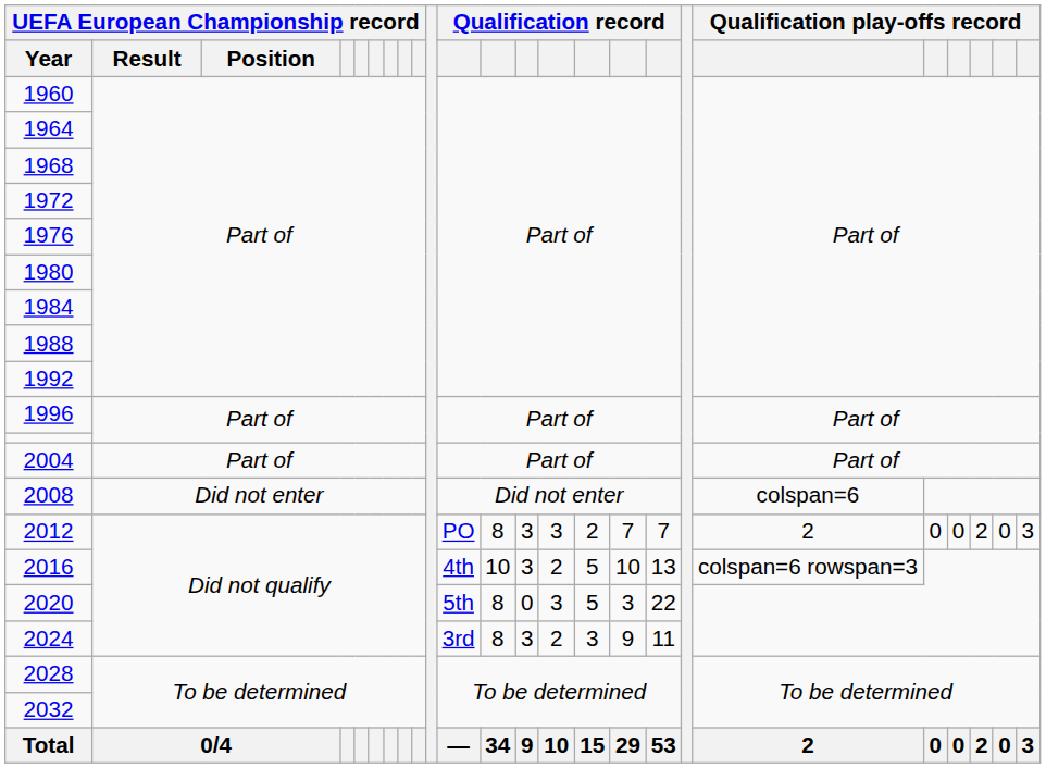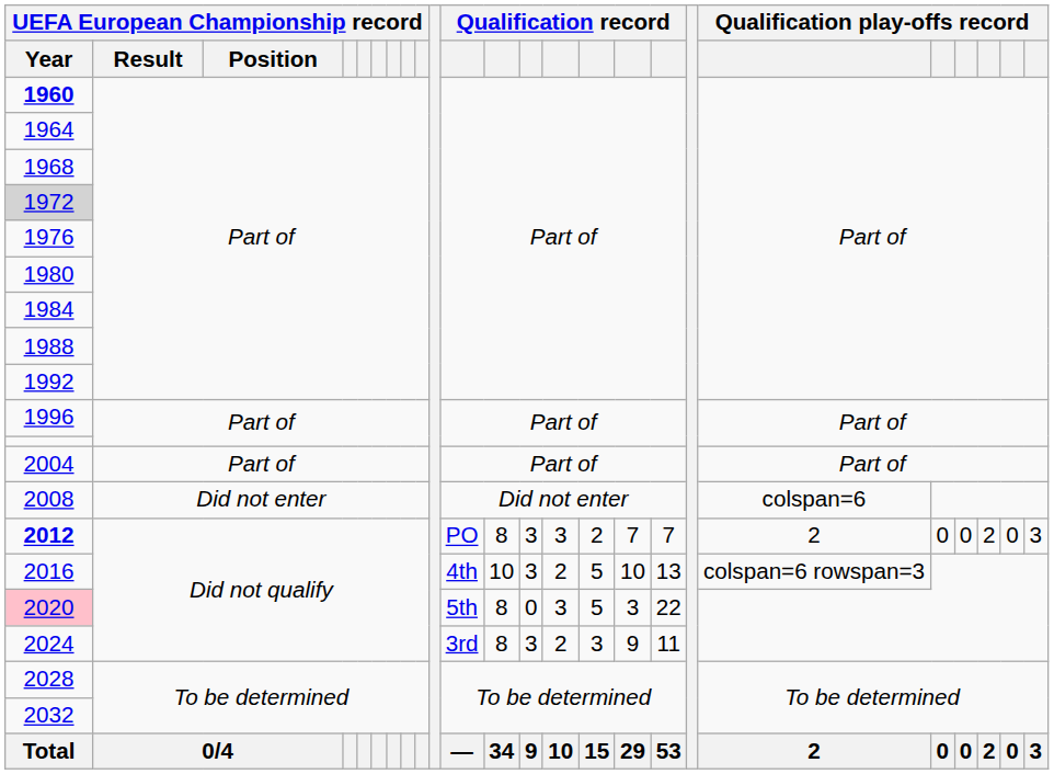 <table class="wikitable" style="text-align: center">
 <tr>
 <th colspan=9><a href='#'>UEFA European Championship</a> record</th>
 <th width=1% rowspan=22></th>
 <th colspan=7><a href='#'>Qualification</a> record</th>
 <th width=1% rowspan=22></th>
 <th colspan=20>Qualification play-offs record</th>
 </tr>
 <tr>
 <th>Year</th>
 <th>Result</th>
 <th>Position</th>
 <th></th>
 <th></th>
 <th></th>
 <th></th>
 <th></th>
 <th></th>
 <th></th>
 <th></th>
 <th></th>
 <th></th>
 <th></th>
 <th></th>
 <th></th>
 <th></th>
 <th></th>
 <th></th>
 <th></th>
 <th></th>
 <th></th>
 </tr>
 <tr>
-<td> <a href='#'>1960</a></td>
+<td><strong> <a href='#'>1960</a></strong></td>
 <td colspan=8 rowspan=9><em>Part of </em></td>
 <td colspan=7 rowspan=9><em>Part of </em></td>
 <td colspan=6 rowspan=9><em>Part of </em></td>
 </tr>
 <tr>
 <td> <a href='#'>1964</a></td>
 </tr>
 <tr>
 <td> <a href='#'>1968</a></td>
 </tr>
 <tr>
-<td> <a href='#'>1972</a></td>
+<td style="background: lightgrey;"> <a href='#'>1972</a></td>
 </tr>
 <tr>
 <td> <a href='#'>1976</a></td>
 </tr>
 <tr>
 <td> <a href='#'>1980</a></td>
 </tr>
 <tr>
 <td> <a href='#'>1984</a></td>
 </tr>
 <tr>
 <td> <a href='#'>1988</a></td>
 </tr>
 <tr>
 <td> <a href='#'>1992</a></td>
 </tr>
 <tr>
 <td> <a href='#'>1996</a></td>
 <td colspan=8 rowspan=2><em>Part of </em></td>
 <td colspan=7 rowspan=2><em>Part of </em></td>
 <td colspan=6 rowspan=2><em>Part of </em></td>
 </tr>
 <tr>
 <td></td>
 </tr>
 <tr>
 <td> <a href='#'>2004</a></td>
 <td colspan=8><em>Part of </em></td>
 <td colspan=7><em>Part of </em></td>
 <td colspan=6><em>Part of </em></td>
 </tr>
 <tr>
 <td>  <a href='#'>2008</a></td>
 <td colspan=8><em>Did not enter</em></td>
 <td colspan=7><em>Did not enter</em></td>
 <td>colspan=6 </td>
 </tr>
 <tr>
-<td>  <a href='#'>2012</a></td>
+<td><strong>  <a href='#'>2012</a></strong></td>
 <td colspan=8 rowspan=4><em>Did not qualify</em></td>
 <td><a href='#'>PO</a></td>
 <td>8</td>
 <td>3</td>
 <td>3</td>
 <td>2</td>
 <td>7</td>
 <td>7</td>
 <td>2</td>
 <td>0</td>
 <td>0</td>
 <td>2</td>
 <td>0</td>
 <td>3</td>
 </tr>
 <tr>
 <td> <a href='#'>2016</a></td>
 <td><a href='#'>4th</a></td>
 <td>10</td>
 <td>3</td>
 <td>2</td>
 <td>5</td>
 <td>10</td>
 <td>13</td>
 <td>colspan=6 rowspan=3 </td>
 </tr>
 <tr>
-<td> <a href='#'>2020</a></td>
+<td style="background: pink;"> <a href='#'>2020</a></td>
 <td><a href='#'>5th</a></td>
 <td>8</td>
 <td>0</td>
 <td>3</td>
 <td>5</td>
 <td>3</td>
 <td>22</td>
 </tr>
 <tr>
 <td> <a href='#'>2024</a></td>
 <td><a href='#'>3rd</a></td>
 <td>8</td>
 <td>3</td>
 <td>2</td>
 <td>3</td>
 <td>9</td>
 <td>11</td>
 </tr>
 <tr>
 <td>  <a href='#'>2028</a></td>
 <td colspan=8 rowspan=2><em>To be determined</em></td>
 <td colspan=7 rowspan=2><em>To be determined</em></td>
 <td colspan=6 rowspan=2><em>To be determined</em></td>
 </tr>
 <tr>
 <td>  <a href='#'>2032</a></td>
 </tr>
 <tr>
 <th>Total</th>
 <th colspan=2>0/4</th>
 <th></th>
 <th></th>
 <th></th>
 <th></th>
 <th></th>
 <th></th>
 <th>—</th>
 <th>34</th>
 <th>9</th>
 <th>10</th>
 <th>15</th>
 <th>29</th>
 <th>53</th>
 <th>2</th>
 <th>0</th>
 <th>0</th>
 <th>2</th>
 <th>0</th>
 <th>3</th>
 </tr>
 </table>
